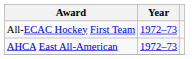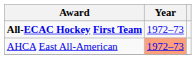 <table class="wikitable">
 <tr>
 <th>Award</th>
 <th>Year</th>
 <th></th>
 </tr>
 <tr>
-<td>All-<a href='#'>ECAC Hockey</a> <a href='#'>First Team</a></td>
+<td><strong>All-<a href='#'>ECAC Hockey</a> <a href='#'>First Team</a></strong></td>
 <td><a href='#'>1972–73</a></td>
 <td></td>
 </tr>
 <tr>
 <td><a href='#'>AHCA</a> <a href='#'>East All-American</a></td>
-<td><a href='#'>1972–73</a></td>
+<td style="background: lightsalmon;"><a href='#'>1972–73</a></td>
 <td></td>
 </tr>
 <tr>
 </tr>
 </table>
